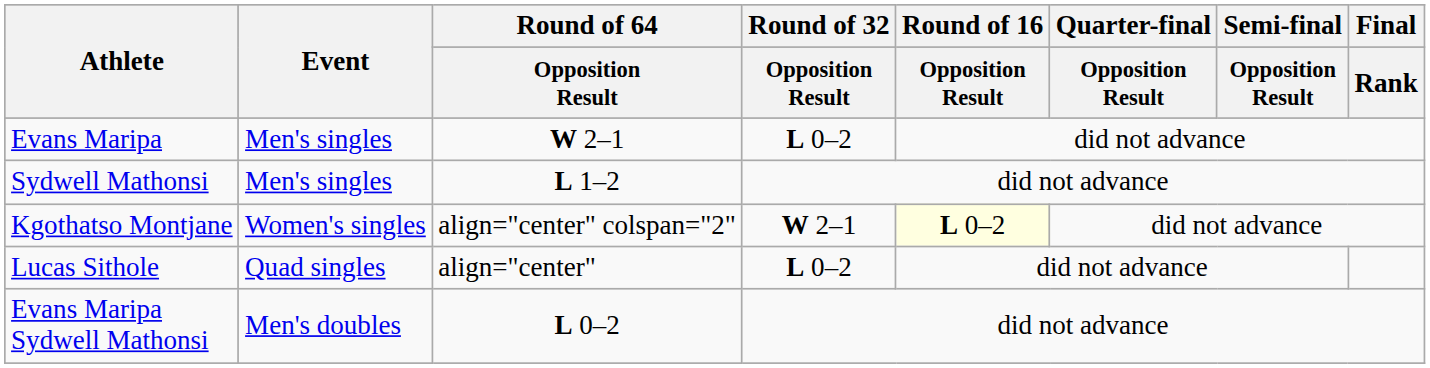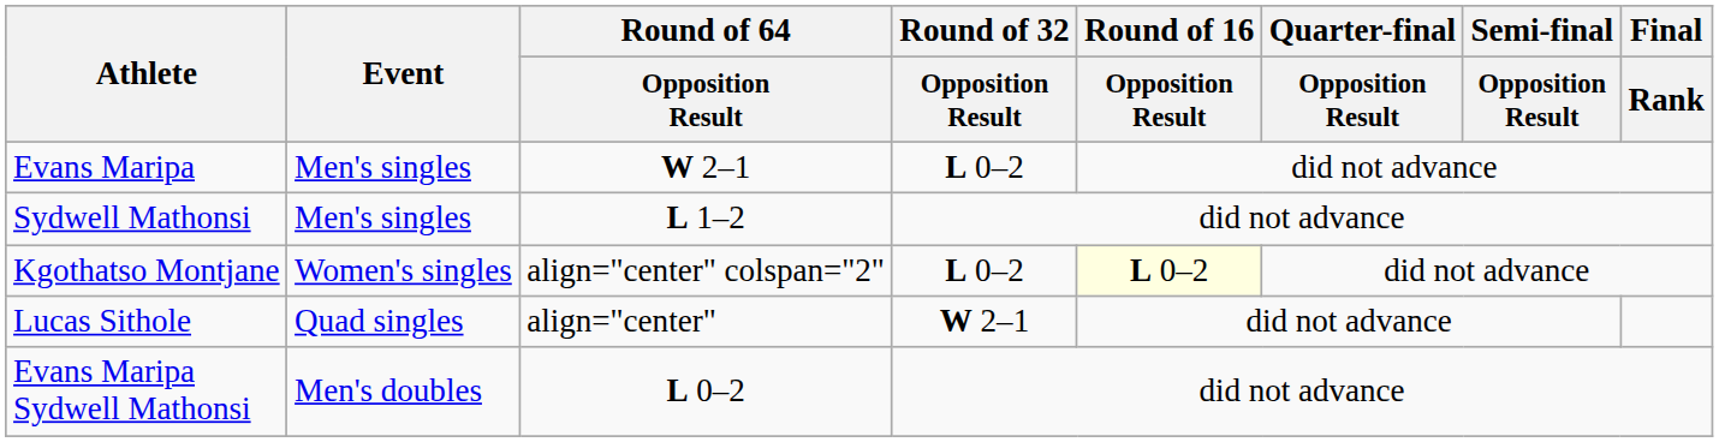 <table class=wikitable>
 <tr>
 <th rowspan="2">Athlete</th>
 <th rowspan="2">Event</th>
 <th>Round of 64</th>
 <th>Round of 32</th>
 <th>Round of 16</th>
 <th>Quarter-final</th>
 <th>Semi-final</th>
 <th colspan="2">Final</th>
 </tr>
 <tr>
 <th style="line-height:1em"><small>Opposition<br>Result</small></th>
 <th style="line-height:1em"><small>Opposition<br>Result</small></th>
 <th style="line-height:1em"><small>Opposition<br>Result</small></th>
 <th style="line-height:1em"><small>Opposition<br>Result</small></th>
 <th style="line-height:1em"><small>Opposition<br>Result</small></th>
 <th>Rank</th>
 </tr>
 <tr>
 <td><a href='#'>Evans Maripa</a></td>
 <td><a href='#'>Men's singles</a></td>
 <td style="text-align:center;"> <strong>W</strong> 2–1</td>
 <td style="text-align:center;"> <strong>L</strong> 0–2</td>
 <td style="text-align:center;" colspan="4">did not advance</td>
 </tr>
 <tr>
 <td><a href='#'>Sydwell Mathonsi</a></td>
 <td><a href='#'>Men's singles</a></td>
 <td style="text-align:center;"> <strong>L</strong> 1–2</td>
 <td style="text-align:center;" colspan="5">did not advance</td>
 </tr>
 <tr>
 <td><a href='#'>Kgothatso Montjane</a></td>
 <td><a href='#'>Women's singles</a></td>
 <td>align="center" colspan="2" </td>
-<td style="text-align:center;"> <strong>W</strong> 2–1</td>
+<td style="text-align:center;"> <strong>L</strong> 0–2</td>
 <td style="background: lightyellow; text-align:center;"> <strong>L</strong> 0–2</td>
 <td style="text-align:center;" colspan="3">did not advance</td>
 </tr>
 <tr>
 <td><a href='#'>Lucas Sithole</a></td>
 <td><a href='#'>Quad singles</a></td>
 <td>align="center" </td>
-<td style="text-align:center;"> <strong>L</strong> 0–2</td>
+<td style="text-align:center;"> <strong>W</strong> 2–1</td>
 <td style="text-align:center;" colspan="3">did not advance</td>
 </tr>
 <tr>
 <td><a href='#'>Evans Maripa</a><br><a href='#'>Sydwell Mathonsi</a></td>
 <td><a href='#'>Men's doubles</a></td>
 <td style="text-align:center;"> <strong>L</strong> 0–2</td>
 <td style="text-align:center;" colspan="5">did not advance</td>
 </tr>
 </table>
